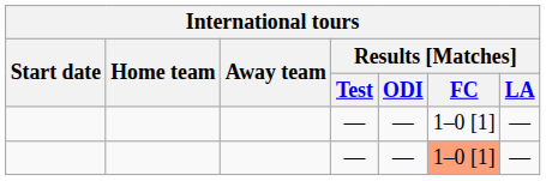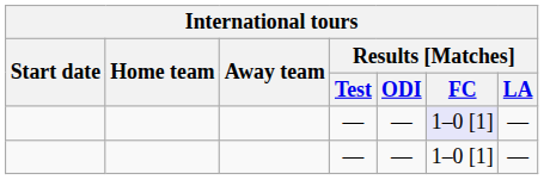 <table class="wikitable">
 <tr>
 <th colspan="7">International tours</th>
 </tr>
 <tr>
 <th rowspan="2">Start date</th>
 <th rowspan="2">Home team</th>
 <th rowspan="2">Away team</th>
 <th colspan="4">Results [Matches]</th>
 </tr>
 <tr>
 <th><a href='#'>Test</a></th>
 <th><a href='#'>ODI</a></th>
 <th><a href='#'>FC</a></th>
 <th><a href='#'>LA</a></th>
 </tr>
 <tr>
 <td><a href='#'></a></td>
 <td></td>
 <td></td>
 <td ; style="text-align:center">—</td>
 <td ; style="text-align:center">—</td>
-<td>1–0 [1]</td>
+<td style="background: lavender;">1–0 [1]</td>
 <td ; style="text-align:center">—</td>
 </tr>
 <tr>
 <td><a href='#'></a></td>
 <td></td>
 <td></td>
 <td ; style="text-align:center">—</td>
 <td ; style="text-align:center">—</td>
-<td style="background: lightsalmon;">1–0 [1]</td>
+<td>1–0 [1]</td>
 <td ; style="text-align:center">—</td>
 </tr>
 </table>
